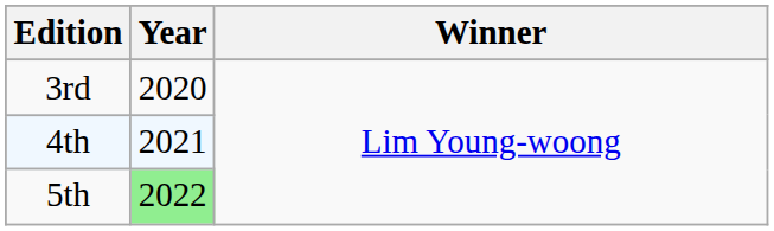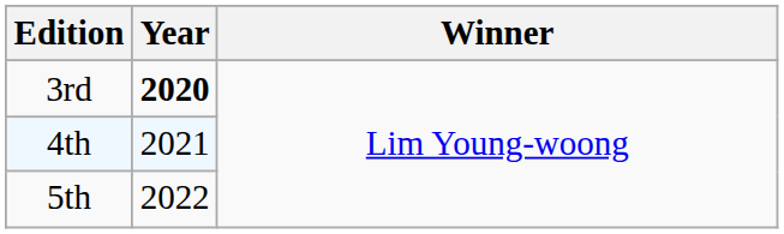 <table class="wikitable" style="text-align:center">
 <tr>
 <th>Edition</th>
 <th>Year</th>
 <th width="250">Winner</th>
 </tr>
 <tr>
 <td>3rd</td>
-<td>2020</td>
+<td><strong>2020</strong></td>
 <td rowspan="3"><a href='#'>Lim Young-woong</a></td>
 </tr>
 <tr style="background:#f0f8ff;">
 <td>4th</td>
 <td>2021</td>
 </tr>
 <tr>
 <td>5th</td>
-<td style="background: lightgreen;">2022</td>
+<td>2022</td>
 </tr>
 </table>
